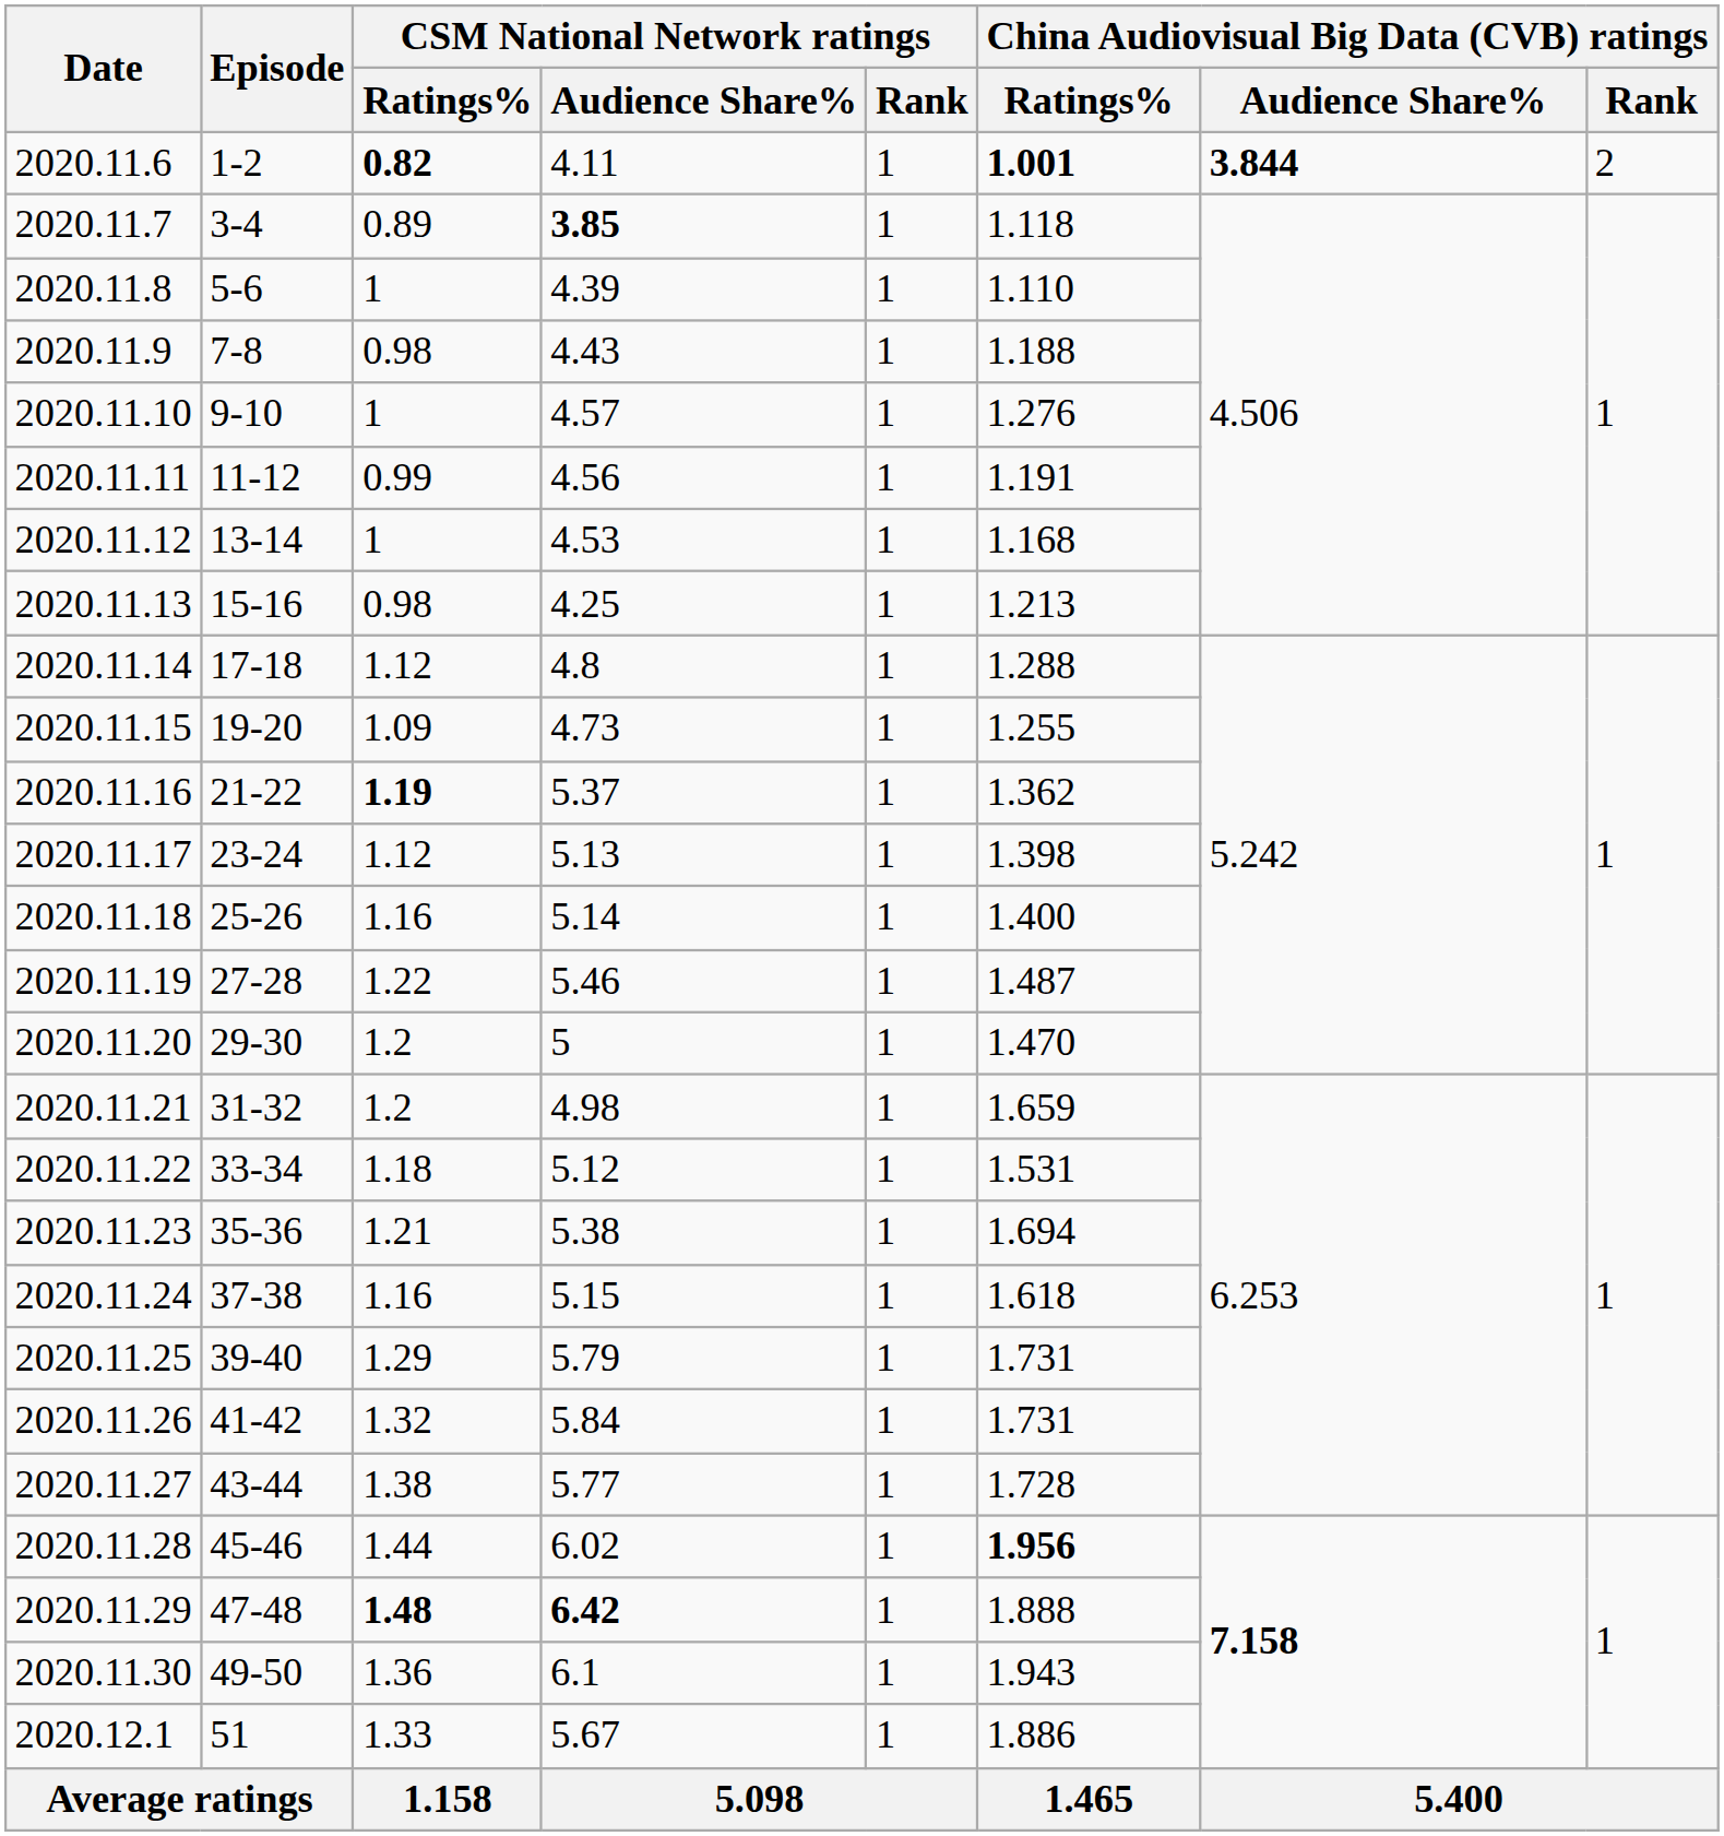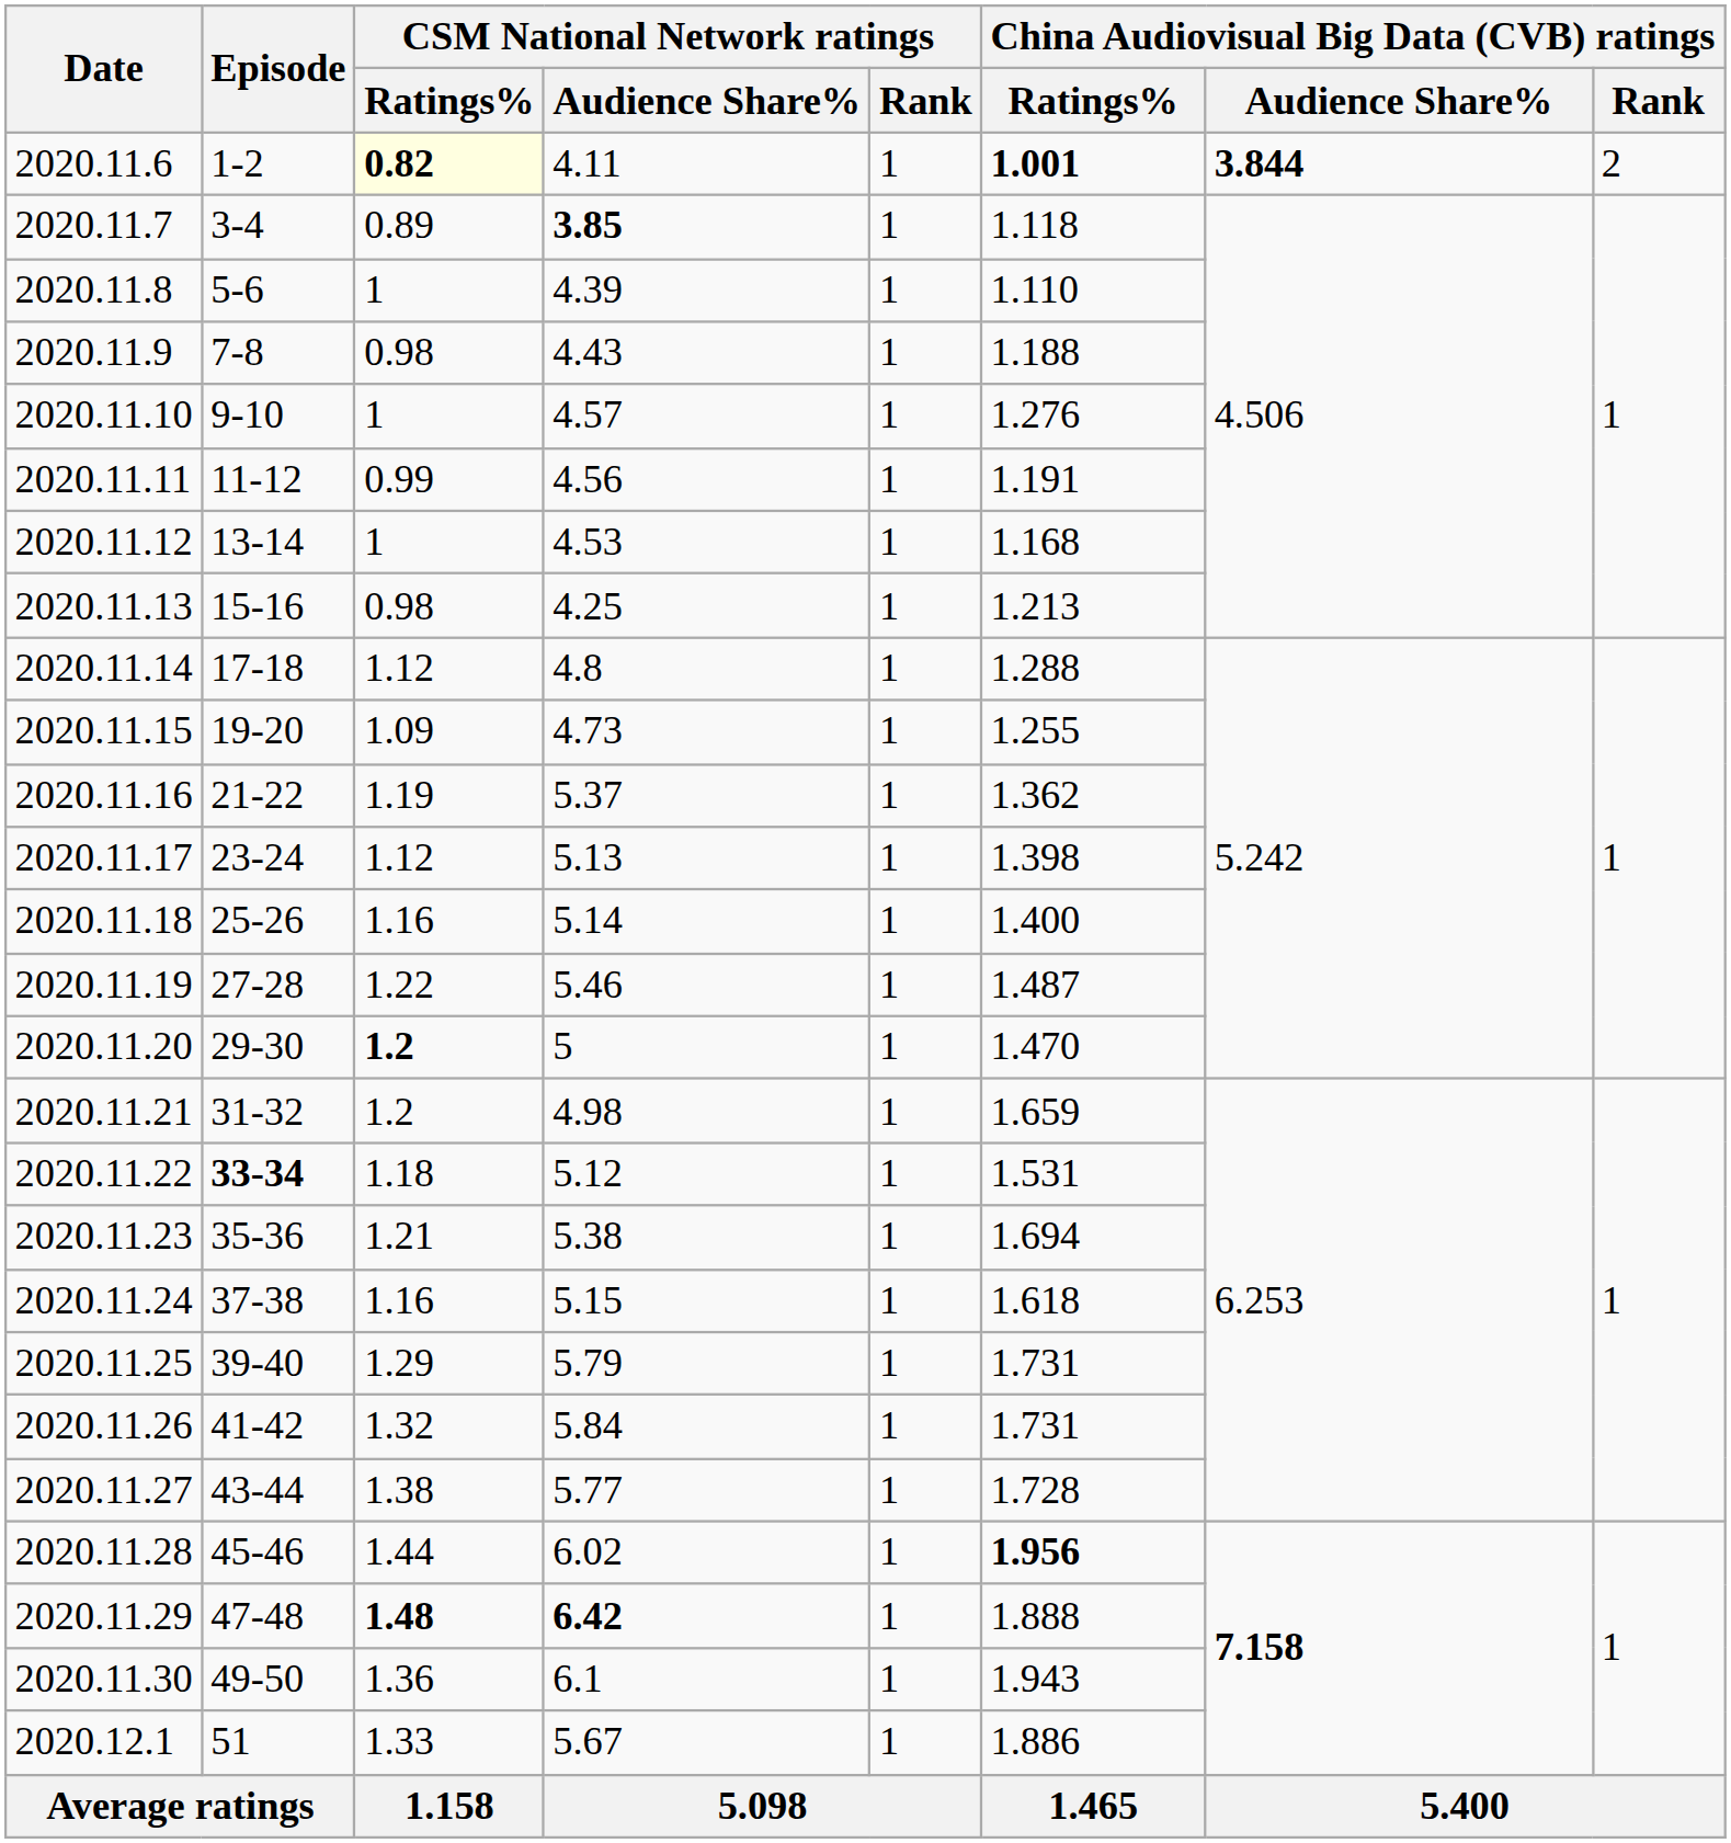 <table class="wikitable">
 <tr>
 <th rowspan="2">Date</th>
 <th rowspan="2">Episode</th>
 <th colspan="3">CSM National Network ratings</th>
 <th colspan="3">China Audiovisual Big Data (CVB) ratings</th>
 </tr>
 <tr>
 <th>Ratings%</th>
 <th>Audience Share%</th>
 <th>Rank</th>
 <th>Ratings%</th>
 <th>Audience Share%</th>
 <th>Rank</th>
 </tr>
 <tr>
 <td>2020.11.6</td>
 <td>1-2</td>
-<td><strong><span>0.82</span></strong></td>
+<td style="background: lightyellow;"><strong><span>0.82</span></strong></td>
 <td>4.11</td>
 <td>1</td>
 <td><strong><span>1.001</span></strong></td>
 <td><strong><span>3.844</span></strong></td>
 <td>2</td>
 </tr>
 <tr>
 <td>2020.11.7</td>
 <td>3-4</td>
 <td>0.89</td>
 <td><strong><span>3.85</span></strong></td>
 <td>1</td>
 <td>1.118</td>
 <td rowspan="7">4.506</td>
 <td rowspan="7">1</td>
 </tr>
 <tr>
 <td>2020.11.8</td>
 <td>5-6</td>
 <td>1</td>
 <td>4.39</td>
 <td>1</td>
 <td>1.110</td>
 </tr>
 <tr>
 <td>2020.11.9</td>
 <td>7-8</td>
 <td>0.98</td>
 <td>4.43</td>
 <td>1</td>
 <td>1.188</td>
 </tr>
 <tr>
 <td>2020.11.10</td>
 <td>9-10</td>
 <td>1</td>
 <td>4.57</td>
 <td>1</td>
 <td>1.276</td>
 </tr>
 <tr>
 <td>2020.11.11</td>
 <td>11-12</td>
 <td>0.99</td>
 <td>4.56</td>
 <td>1</td>
 <td>1.191</td>
 </tr>
 <tr>
 <td>2020.11.12</td>
 <td>13-14</td>
 <td>1</td>
 <td>4.53</td>
 <td>1</td>
 <td>1.168</td>
 </tr>
 <tr>
 <td>2020.11.13</td>
 <td>15-16</td>
 <td>0.98</td>
 <td>4.25</td>
 <td>1</td>
 <td>1.213</td>
 </tr>
 <tr>
 <td>2020.11.14</td>
 <td>17-18</td>
 <td>1.12</td>
 <td>4.8</td>
 <td>1</td>
 <td>1.288</td>
 <td rowspan="7">5.242</td>
 <td rowspan="7">1</td>
 </tr>
 <tr>
 <td>2020.11.15</td>
 <td>19-20</td>
 <td>1.09</td>
 <td>4.73</td>
 <td>1</td>
 <td>1.255</td>
 </tr>
 <tr>
 <td>2020.11.16</td>
 <td>21-22</td>
-<td><strong>1.19</strong></td>
+<td>1.19</td>
 <td>5.37</td>
 <td>1</td>
 <td>1.362</td>
 </tr>
 <tr>
 <td>2020.11.17</td>
 <td>23-24</td>
 <td>1.12</td>
 <td>5.13</td>
 <td>1</td>
 <td>1.398</td>
 </tr>
 <tr>
 <td>2020.11.18</td>
 <td>25-26</td>
 <td>1.16</td>
 <td>5.14</td>
 <td>1</td>
 <td>1.400</td>
 </tr>
 <tr>
 <td>2020.11.19</td>
 <td>27-28</td>
 <td>1.22</td>
 <td>5.46</td>
 <td>1</td>
 <td>1.487</td>
 </tr>
 <tr>
 <td>2020.11.20</td>
 <td>29-30</td>
-<td>1.2</td>
+<td><strong>1.2</strong></td>
 <td>5</td>
 <td>1</td>
 <td>1.470</td>
 </tr>
 <tr>
 <td>2020.11.21</td>
 <td>31-32</td>
 <td>1.2</td>
 <td>4.98</td>
 <td>1</td>
 <td>1.659</td>
 <td rowspan="7">6.253</td>
 <td rowspan="7">1</td>
 </tr>
 <tr>
 <td>2020.11.22</td>
-<td>33-34</td>
+<td><strong>33-34</strong></td>
 <td>1.18</td>
 <td>5.12</td>
 <td>1</td>
 <td>1.531</td>
 </tr>
 <tr>
 <td>2020.11.23</td>
 <td>35-36</td>
 <td>1.21</td>
 <td>5.38</td>
 <td>1</td>
 <td>1.694</td>
 </tr>
 <tr>
 <td>2020.11.24</td>
 <td>37-38</td>
 <td>1.16</td>
 <td>5.15</td>
 <td>1</td>
 <td>1.618</td>
 </tr>
 <tr>
 <td>2020.11.25</td>
 <td>39-40</td>
 <td>1.29</td>
 <td>5.79</td>
 <td>1</td>
 <td>1.731</td>
 </tr>
 <tr>
 <td>2020.11.26</td>
 <td>41-42</td>
 <td>1.32</td>
 <td>5.84</td>
 <td>1</td>
 <td>1.731</td>
 </tr>
 <tr>
 <td>2020.11.27</td>
 <td>43-44</td>
 <td>1.38</td>
 <td>5.77</td>
 <td>1</td>
 <td>1.728</td>
 </tr>
 <tr>
 <td>2020.11.28</td>
 <td>45-46</td>
 <td>1.44</td>
 <td>6.02</td>
 <td>1</td>
 <td><strong><span>1.956</span></strong></td>
 <td rowspan="4"><strong><span>7.158</span></strong></td>
 <td rowspan="4">1</td>
 </tr>
 <tr>
 <td>2020.11.29</td>
 <td>47-48</td>
 <td><strong><span>1.48</span></strong></td>
 <td><strong><span>6.42</span></strong></td>
 <td>1</td>
 <td>1.888</td>
 </tr>
 <tr>
 <td>2020.11.30</td>
 <td>49-50</td>
 <td>1.36</td>
 <td>6.1</td>
 <td>1</td>
 <td>1.943</td>
 </tr>
 <tr>
 <td>2020.12.1</td>
 <td>51</td>
 <td>1.33</td>
 <td>5.67</td>
 <td>1</td>
 <td>1.886</td>
 </tr>
 <tr>
 <th colspan="2">Average ratings</th>
 <th>1.158</th>
 <th colspan="2">5.098</th>
 <th>1.465</th>
 <th colspan="2">5.400</th>
 </tr>
 </table>
